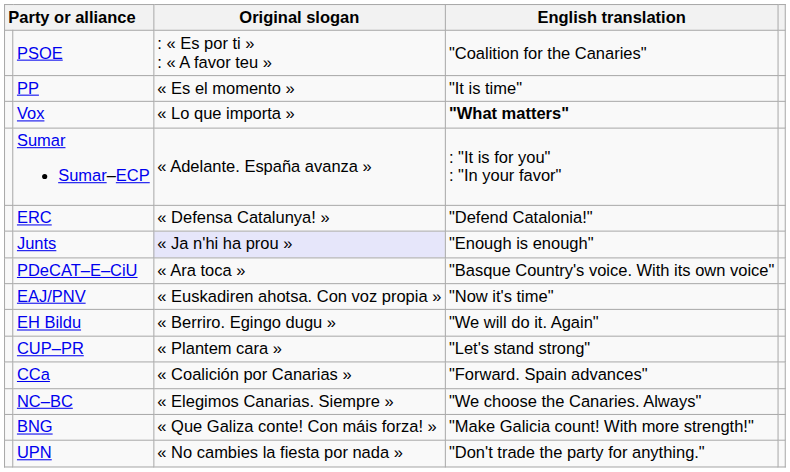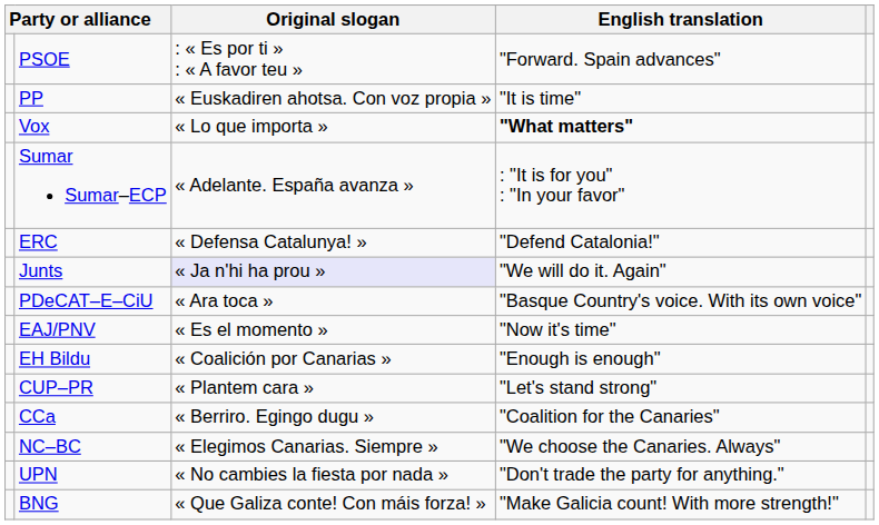 <table class="wikitable" style="text-align:left;">
 <tr>
 <th style="text-align:left;" colspan="2">Party or alliance</th>
 <th>Original slogan</th>
 <th>English translation</th>
 <th></th>
 </tr>
 <tr>
 <td width="1" style="color:inherit;background:"></td>
 <td><a href='#'>PSOE</a></td>
 <td>: « Es por ti » <br>: « A favor teu »</td>
-<td>"Coalition for the Canaries"</td>
+<td>"Forward. Spain advances"</td>
 <td></td>
 </tr>
 <tr>
 <td style="color:inherit;background:"></td>
 <td><a href='#'>PP</a></td>
-<td>« Es el momento »</td>
+<td>« Euskadiren ahotsa. Con voz propia »</td>
 <td>"It is time"</td>
 <td></td>
 </tr>
 <tr>
 <td style="color:inherit;background:"></td>
 <td><a href='#'>Vox</a></td>
 <td>« Lo que importa »</td>
 <td><strong>"What matters"</strong></td>
 <td></td>
 </tr>
 <tr>
 <td style="color:inherit;background:"></td>
 <td><a href='#'>Sumar</a><br><ul><li><a href='#'>Sumar</a>–<a href='#'>ECP</a></li></ul></td>
 <td>« Adelante. España avanza »</td>
 <td>: "It is for you" <br>: "In your favor"</td>
 <td></td>
 </tr>
 <tr>
 <td style="color:inherit;background:"></td>
 <td><a href='#'>ERC</a></td>
 <td>« Defensa Catalunya! »</td>
 <td>"Defend Catalonia!"</td>
 <td></td>
 </tr>
 <tr>
 <td style="color:inherit;background:"></td>
 <td><a href='#'>Junts</a></td>
 <td style="background: lavender;">« Ja n'hi ha prou »</td>
-<td>"Enough is enough"</td>
+<td>"We will do it. Again"</td>
 <td></td>
 </tr>
 <tr>
 <td style="color:inherit;background:"></td>
 <td><a href='#'>PDeCAT–E–CiU</a></td>
 <td>« Ara toca »</td>
 <td>"Basque Country's voice. With its own voice"</td>
 <td></td>
 </tr>
 <tr>
 <td style="color:inherit;background:"></td>
 <td><a href='#'>EAJ/PNV</a></td>
-<td>« Euskadiren ahotsa. Con voz propia »</td>
+<td>« Es el momento »</td>
 <td>"Now it's time"</td>
 <td></td>
 </tr>
 <tr>
 <td style="color:inherit;background:"></td>
 <td><a href='#'>EH Bildu</a></td>
-<td>« Berriro. Egingo dugu »</td>
-<td>"We will do it. Again"</td>
+<td>« Coalición por Canarias »</td>
+<td>"Enough is enough"</td>
 <td></td>
 </tr>
 <tr>
 <td style="color:inherit;background:"></td>
 <td><a href='#'>CUP–PR</a></td>
 <td>« Plantem cara »</td>
 <td>"Let's stand strong"</td>
 <td></td>
 </tr>
 <tr>
 <td style="color:inherit;background:"></td>
 <td><a href='#'>CCa</a></td>
-<td>« Coalición por Canarias »</td>
-<td>"Forward. Spain advances"</td>
+<td>« Berriro. Egingo dugu »</td>
+<td>"Coalition for the Canaries"</td>
 <td></td>
 </tr>
 <tr>
 <td style="color:inherit;background:"></td>
 <td><a href='#'>NC–BC</a></td>
 <td>« Elegimos Canarias. Siempre »</td>
 <td>"We choose the Canaries. Always"</td>
 <td></td>
 </tr>
 <tr>
 <td style="color:inherit;background:"></td>
+<td><a href='#'>UPN</a></td>
+<td>« No cambies la fiesta por nada »</td>
+<td>"Don't trade the party for anything."</td>
+<td></td>
+</tr>
+<tr>
+<td style="color:inherit;background:"></td>
 <td><a href='#'>BNG</a></td>
 <td>« Que Galiza conte! Con máis forza! »</td>
 <td>"Make Galicia count! With more strength!"</td>
 <td></td>
 </tr>
-<tr>
-<td style="color:inherit;background:"></td>
-<td><a href='#'>UPN</a></td>
-<td>« No cambies la fiesta por nada »</td>
-<td>"Don't trade the party for anything."</td>
-<td></td>
-</tr>
 </table>
